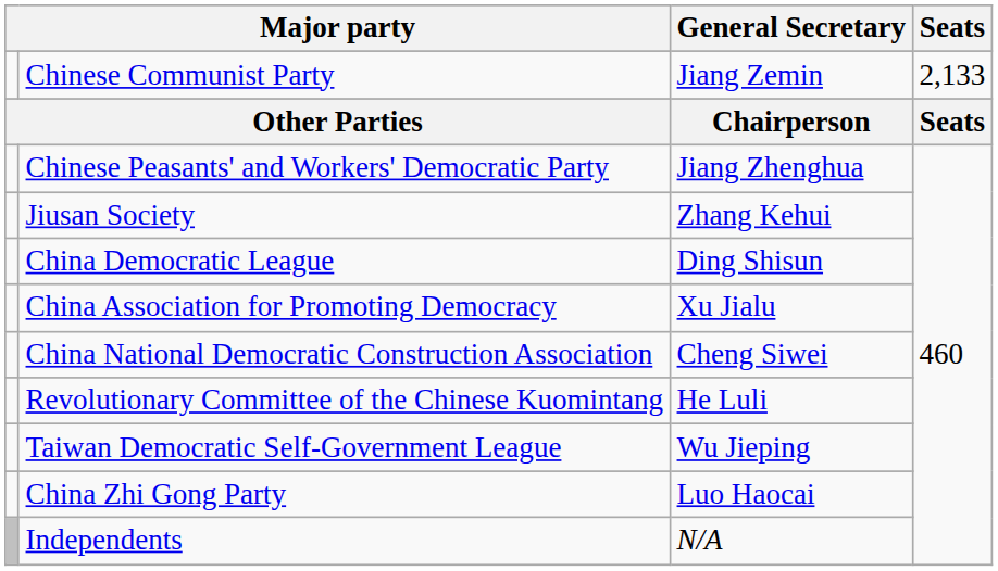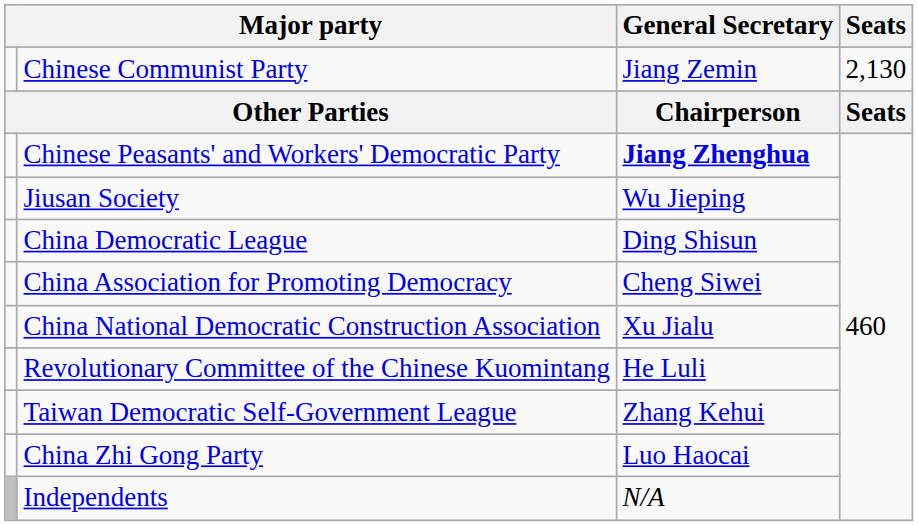 <table class="wikitable">
 <tr>
 <th colspan="2">Major party</th>
 <th>General Secretary</th>
 <th>Seats</th>
 </tr>
 <tr>
 <td style="background: "></td>
 <td><a href='#'>Chinese Communist Party</a></td>
 <td><a href='#'>Jiang Zemin</a></td>
-<td>2,133</td>
+<td>2,130</td>
 </tr>
 <tr>
 <th colspan="2">Other Parties</th>
 <th>Chairperson</th>
 <th>Seats</th>
 </tr>
 <tr>
 <td style="background: "></td>
 <td><a href='#'>Chinese Peasants' and Workers' Democratic Party</a></td>
-<td><a href='#'>Jiang Zhenghua</a></td>
+<td><strong><a href='#'>Jiang Zhenghua</a></strong></td>
 <td rowspan="9">460</td>
 </tr>
 <tr>
 <td style="background: "></td>
 <td><a href='#'>Jiusan Society</a></td>
-<td><a href='#'>Zhang Kehui</a></td>
+<td><a href='#'>Wu Jieping</a></td>
 </tr>
 <tr>
 <td style="background: "></td>
 <td><a href='#'>China Democratic League</a></td>
 <td><a href='#'>Ding Shisun</a></td>
 </tr>
 <tr>
 <td style="background: "></td>
 <td><a href='#'>China Association for Promoting Democracy</a></td>
-<td><a href='#'>Xu Jialu</a></td>
+<td><a href='#'>Cheng Siwei</a></td>
 </tr>
 <tr>
 <td style="background: "></td>
 <td><a href='#'>China National Democratic Construction Association</a></td>
-<td><a href='#'>Cheng Siwei</a></td>
+<td><a href='#'>Xu Jialu</a></td>
 </tr>
 <tr>
 <td style="background: "></td>
 <td><a href='#'>Revolutionary Committee of the Chinese Kuomintang</a></td>
 <td><a href='#'>He Luli</a></td>
 </tr>
 <tr>
 <td style="background: "></td>
 <td><a href='#'>Taiwan Democratic Self-Government League</a></td>
-<td><a href='#'>Wu Jieping</a></td>
+<td><a href='#'>Zhang Kehui</a></td>
 </tr>
 <tr>
 <td style="background: "></td>
 <td><a href='#'>China Zhi Gong Party</a></td>
 <td><a href='#'>Luo Haocai</a></td>
 </tr>
 <tr>
 <td style="background: #C0C0C0"></td>
 <td><a href='#'>Independents</a></td>
 <td><em>N/A</em></td>
 </tr>
 </table>
